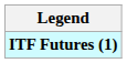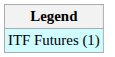 <table class=wikitable style=font-size:97%>
 <tr>
 <th>Legend</th>
 </tr>
 <tr bgcolor=cffcff>
-<td><strong>ITF Futures (1)</strong></td>
+<td>ITF Futures (1)</td>
 </tr>
 </table>
